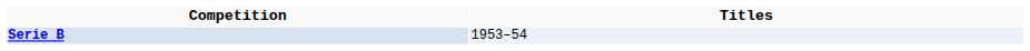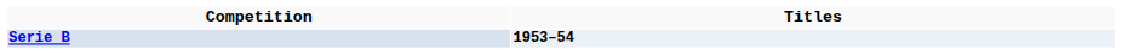 <table style="background: #f9f9f9; border: 2px #aaa solid; border-collapse: collapse; border-color: white; color:black; font-size: 95%;" width="850" cellspacing="0" border="1">
 <tr>
 <th width="250">Competition</th>
 <th width="300">Titles</th>
 </tr>
 <tr style="font-size: 90%;">
 <td bgcolor="#d8e2ee"><strong><a href='#'>Serie B</a></strong></td>
-<td bgcolor="#ecf1f7">1953–54</td>
+<td bgcolor="#ecf1f7"><strong>1953–54</strong></td>
 </tr>
 </table>
